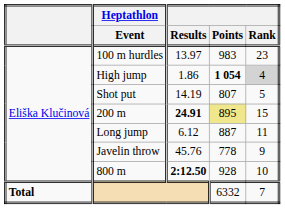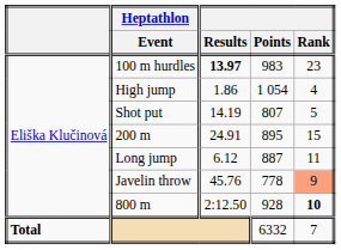 <table class=wikitable style="font-size:90%; border: double;">
 <tr>
 <th style="border-right:double" rowspan="2"></th>
 <th style="border-right:double"><a href='#'>Heptathlon</a></th>
 <th colspan="3"></th>
 </tr>
 <tr>
 <th style="border-right:double">Event</th>
 <th>Results</th>
 <th>Points</th>
 <th>Rank</th>
 </tr>
 <tr style="border-top: double;">
 <td style="border-right:double" rowspan="7"><a href='#'>Eliška Klučinová</a></td>
 <td style="border-right:double">100 m hurdles</td>
-<td align=center>13.97</td>
+<td align=center><strong>13.97</strong></td>
 <td align=center>983</td>
 <td align=center>23</td>
 </tr>
 <tr>
 <td style="border-right:double">High jump</td>
 <td align=center>1.86</td>
-<td align=center><strong>1 054</strong></td>
-<td align=center style="background: lightgrey;">4</td>
+<td align=center>1 054</td>
+<td align=center>4</td>
 </tr>
 <tr>
 <td style="border-right:double">Shot put</td>
 <td align=center>14.19</td>
 <td align=center>807</td>
 <td align=center>5</td>
 </tr>
 <tr>
 <td style="border-right:double">200 m</td>
-<td align=center><strong>24.91</strong></td>
-<td align=center style="background: khaki;">895</td>
+<td align=center>24.91</td>
+<td align=center>895</td>
 <td align=center>15</td>
 </tr>
 <tr>
 <td style="border-right:double">Long jump</td>
 <td align=center>6.12</td>
 <td align=center>887</td>
 <td align=center>11</td>
 </tr>
 <tr>
 <td style="border-right:double">Javelin throw</td>
 <td align=center>45.76</td>
 <td align=center>778</td>
-<td align=center>9</td>
+<td align=center style="background: lightsalmon;">9</td>
 </tr>
 <tr>
 <td style="border-right:double">800 m</td>
-<td align=center><strong>2:12.50</strong></td>
+<td align=center>2:12.50</td>
 <td align=center>928</td>
-<td align=center>10</td>
+<td align=center><strong>10</strong></td>
 </tr>
 <tr style="border-top: double;">
 <td style="border-right:double"><strong>Total</strong></td>
 <td colspan="2" style="background:wheat; border-right:double;"></td>
 <td align="center">6332</td>
 <td align=center>7</td>
 </tr>
 </table>
